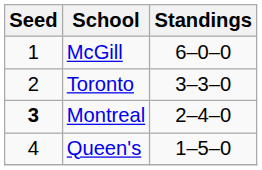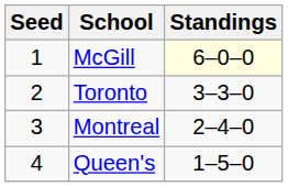 <table class="wikitable">
 <tr>
 <th>Seed</th>
 <th>School</th>
 <th>Standings</th>
 </tr>
 <tr>
 <td align=center>1</td>
 <td><a href='#'>McGill</a></td>
-<td align=center>6–0–0</td>
+<td align=center style="background: lightyellow;">6–0–0</td>
 </tr>
 <tr>
 <td align=center>2</td>
 <td><a href='#'>Toronto</a></td>
 <td align=center>3–3–0</td>
 </tr>
 <tr>
-<td align=center><strong>3</strong></td>
+<td align=center>3</td>
 <td><a href='#'>Montreal</a></td>
 <td align=center>2–4–0</td>
 </tr>
 <tr>
 <td align=center>4</td>
 <td><a href='#'>Queen's</a></td>
 <td align=center>1–5–0</td>
 </tr>
 <tr>
 </tr>
 </table>
